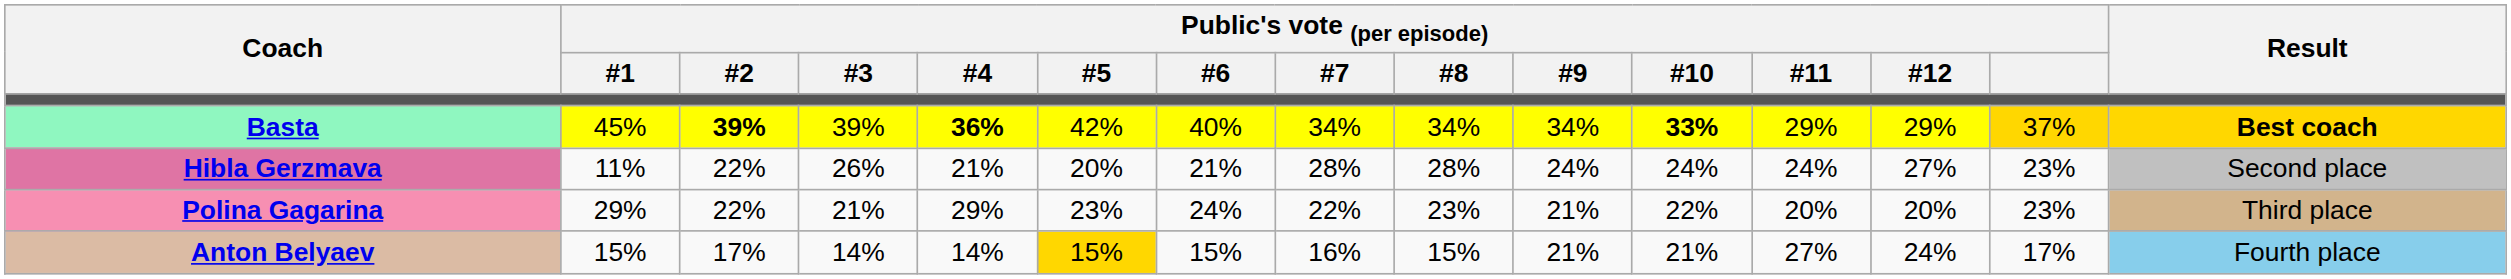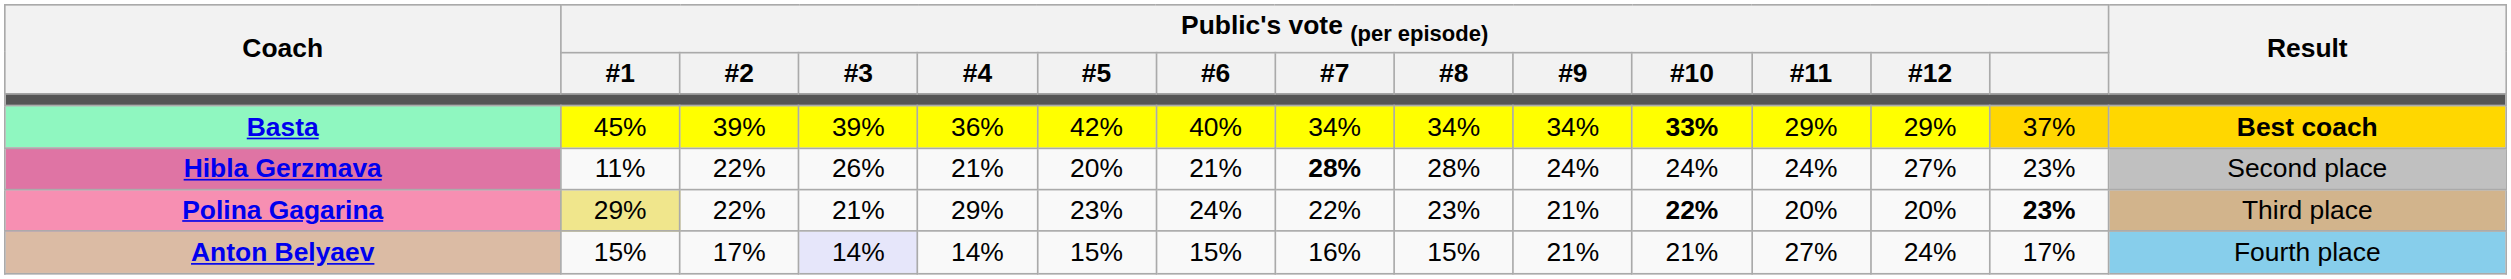 <table class="wikitable sortable" style="text-align:center; width:120%;">
 <tr>
 <th rowspan="2" style="width:14%;">Coach</th>
 <th colspan="13" style="width:10%;">Public's vote <sub>(per episode)</sub></th>
 <th rowspan="2" style="width:10%;">Result</th>
 </tr>
 <tr>
 <th style="width:3%;">#1</th>
 <th style="width:3%;">#2</th>
 <th style="width:3%;">#3</th>
 <th style="width:3%;">#4</th>
 <th style="width:3%;">#5</th>
 <th style="width:3%;">#6</th>
 <th style="width:3%;">#7</th>
 <th style="width:3%;">#8</th>
 <th style="width:3%;">#9</th>
 <th style="width:3%;">#10</th>
 <th style="width:3%;">#11</th>
 <th style="width:3%;">#12</th>
 <th style="width:3%;"></th>
 </tr>
 <tr>
 <td colspan="16" style="background:#555;"></td>
 </tr>
 <tr>
 <th style="background:#8ff7c0;"><a href='#'>Basta</a></th>
 <td style="background:yellow;">45%</td>
-<td style="background:yellow;"><strong>39%</strong></td>
 <td style="background:yellow;">39%</td>
-<td style="background:yellow;"><strong>36%</strong></td>
+<td style="background:yellow;">39%</td>
+<td style="background:yellow;">36%</td>
 <td style="background:yellow;">42%</td>
 <td style="background:yellow;">40%</td>
 <td style="background:yellow;">34%</td>
 <td style="background:yellow;">34%</td>
 <td style="background:yellow;">34%</td>
 <td style="background:yellow;"><strong>33%</strong></td>
 <td style="background:yellow;">29%</td>
 <td style="background:yellow;">29%</td>
 <td style="background:gold;">37%</td>
 <td style="background:gold;"><strong>Best coach</strong></td>
 </tr>
 <tr>
 <th style="background:#df74a4"><a href='#'>Hibla Gerzmava</a></th>
 <td>11%</td>
 <td>22%</td>
 <td>26%</td>
 <td>21%</td>
 <td>20%</td>
 <td>21%</td>
-<td>28%</td>
+<td><strong>28%</strong></td>
 <td>28%</td>
 <td>24%</td>
 <td>24%</td>
 <td>24%</td>
 <td>27%</td>
 <td>23%</td>
 <td style="background:silver;">Second place</td>
 </tr>
 <tr>
 <th style="background:#f78fb2"><a href='#'>Polina Gagarina</a></th>
-<td>29%</td>
+<td style="background: khaki;">29%</td>
 <td>22%</td>
 <td>21%</td>
 <td>29%</td>
 <td>23%</td>
 <td>24%</td>
 <td>22%</td>
 <td>23%</td>
 <td>21%</td>
-<td>22%</td>
+<td><strong>22%</strong></td>
 <td>20%</td>
 <td>20%</td>
-<td>23%</td>
+<td><strong>23%</strong></td>
 <td style="background:tan;">Third place</td>
 </tr>
 <tr>
 <th style="background:#dbbba4;"><a href='#'>Anton Belyaev</a></th>
 <td>15%</td>
 <td>17%</td>
+<td style="background: lavender;">14%</td>
 <td>14%</td>
-<td>14%</td>
-<td style="background: gold;">15%</td>
+<td>15%</td>
 <td>15%</td>
 <td>16%</td>
 <td>15%</td>
 <td>21%</td>
 <td>21%</td>
 <td>27%</td>
 <td>24%</td>
 <td>17%</td>
 <td style="background:skyblue;">Fourth place</td>
 </tr>
 </table>
